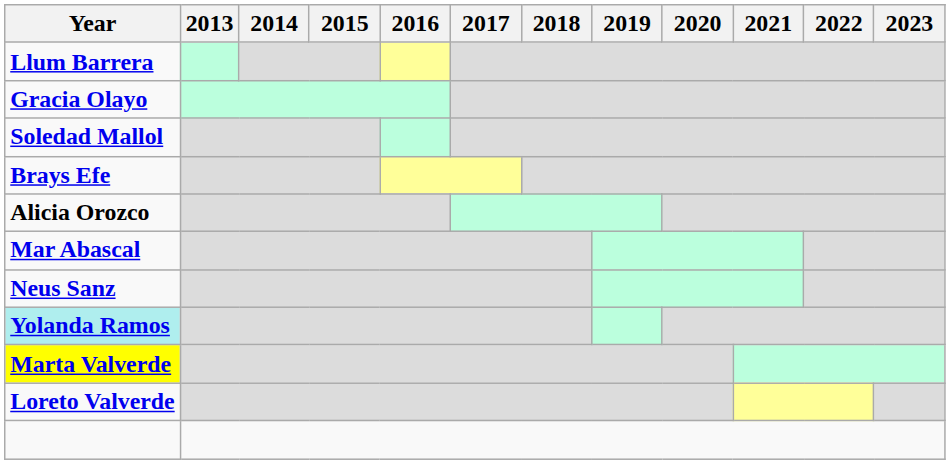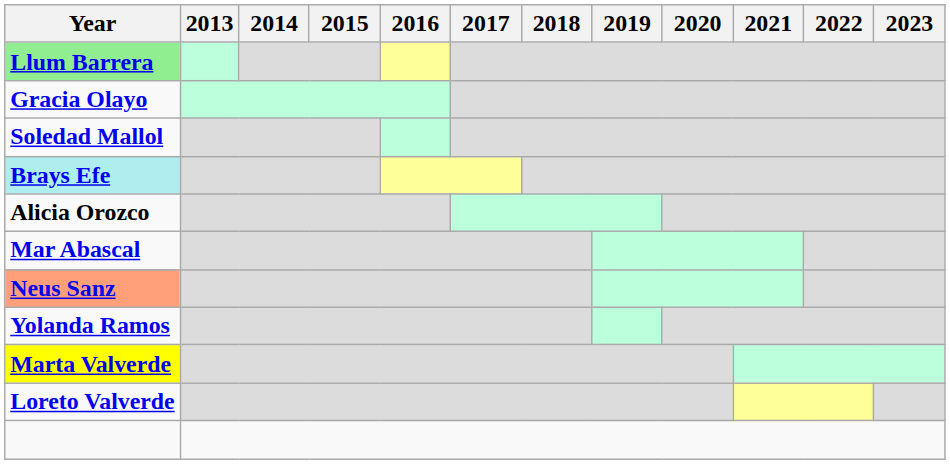 <table class="wikitable">
 <tr>
 <th colspan="">Year</th>
 <th>2013</th>
 <th width="40" !>2014</th>
 <th width="40" !>2015</th>
 <th width="40" !>2016</th>
 <th width="40" !>2017</th>
 <th width="40">2018</th>
 <th width="40">2019</th>
 <th width="40">2020</th>
 <th width="40">2021</th>
 <th width="40">2022</th>
 <th width="40">2023</th>
 </tr>
 <tr>
-<td><strong><a href='#'>Llum Barrera</a></strong></td>
+<td style="background: lightgreen;"><strong><a href='#'>Llum Barrera</a></strong></td>
 <td colspan="1" bgcolor="#bfd"></td>
 <td colspan="2" bgcolor="#DCDCDC"></td>
 <td colspan="1" bgcolor="#FF9"></td>
 <td colspan="7" bgcolor="#DCDCDC"></td>
 </tr>
 <tr>
 <td><strong><a href='#'>Gracia Olayo</a></strong></td>
 <td colspan="4" bgcolor="#bfd"></td>
 <td colspan="7" bgcolor="#DCDCDC"></td>
 </tr>
 <tr>
 <td><strong><a href='#'>Soledad Mallol</a></strong></td>
 <td colspan="3" bgcolor="#DCDCDC"></td>
 <td colspan="1" bgcolor="#bfd"></td>
 <td colspan="7" bgcolor="#DCDCDC"></td>
 </tr>
 <tr>
-<td><strong><a href='#'>Brays Efe</a></strong></td>
+<td style="background: paleturquoise;"><strong><a href='#'>Brays Efe</a></strong></td>
 <td colspan="3" bgcolor="#DCDCDC"></td>
 <td colspan="2" bgcolor="#FF9"></td>
 <td colspan="6" bgcolor="#DCDCDC"></td>
 </tr>
 <tr>
 <td><strong>Alicia Orozco</strong></td>
 <td colspan="4" bgcolor="#DCDCDC"></td>
 <td colspan="3" bgcolor="#bfd"></td>
 <td colspan="4" bgcolor="#DCDCDC"></td>
 </tr>
 <tr>
 <td><strong><a href='#'>Mar Abascal</a></strong></td>
 <td colspan="6" bgcolor="#DCDCDC"></td>
 <td colspan="3" bgcolor="#bfd"></td>
 <td colspan="2" bgcolor="#DCDCDC"></td>
 </tr>
 <tr>
-<td><strong><a href='#'>Neus Sanz</a></strong></td>
+<td style="background: lightsalmon;"><strong><a href='#'>Neus Sanz</a></strong></td>
 <td colspan="6" bgcolor="#DCDCDC"></td>
 <td colspan="3" bgcolor="#bfd"></td>
 <td colspan="2" bgcolor="#DCDCDC"></td>
 </tr>
 <tr>
-<td style="background: paleturquoise;"><strong><a href='#'>Yolanda Ramos</a></strong></td>
+<td><strong><a href='#'>Yolanda Ramos</a></strong></td>
 <td colspan="6" bgcolor="#DCDCDC"></td>
 <td colspan="1" bgcolor="#bfd"></td>
 <td colspan="4" bgcolor="#DCDCDC"></td>
 </tr>
 <tr>
 <td colspan="1" bgcolor="yellow"><strong><a href='#'>Marta Valverde</a></strong></td>
 <td colspan="8" bgcolor="#DCDCDC"></td>
 <td colspan="3" bgcolor="#bfd"></td>
 </tr>
 <tr>
 <td><strong><a href='#'>Loreto Valverde</a></strong></td>
 <td colspan="8" bgcolor="#DCDCDC"></td>
 <td colspan="2" bgcolor="#FF9"></td>
 <td colspan="1" bgcolor="#DCDCDC"></td>
 </tr>
 <tr>
 <td><br></td>
 </tr>
 </table>
